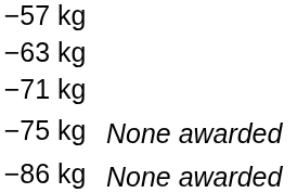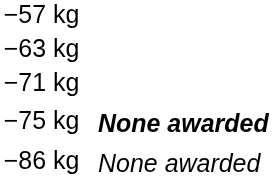 <table>
 <tr>
 <td rowspan=2>−57 kg</td>
 <td rowspan=2></td>
 <td rowspan=2></td>
 <td></td>
 </tr>
 <tr>
 <td></td>
 </tr>
 <tr>
 <td rowspan=2>−63 kg</td>
 <td rowspan=2></td>
 <td rowspan=2></td>
 <td></td>
 </tr>
 <tr>
 <td></td>
 </tr>
 <tr>
 <td rowspan=2>−71 kg</td>
 <td rowspan=2></td>
 <td rowspan=2></td>
 <td></td>
 </tr>
 <tr>
 <td></td>
 </tr>
 <tr>
 <td rowspan=2>−75 kg</td>
 <td rowspan=2></td>
 <td rowspan=2></td>
 <td></td>
 </tr>
 <tr>
-<td><em>None awarded</em></td>
+<td><strong><em>None awarded</em></strong></td>
 </tr>
 <tr>
 <td rowspan=2>−86 kg</td>
 <td rowspan=2></td>
 <td rowspan=2></td>
 <td></td>
 </tr>
 <tr>
 <td><em>None awarded</em></td>
 </tr>
 </table>
